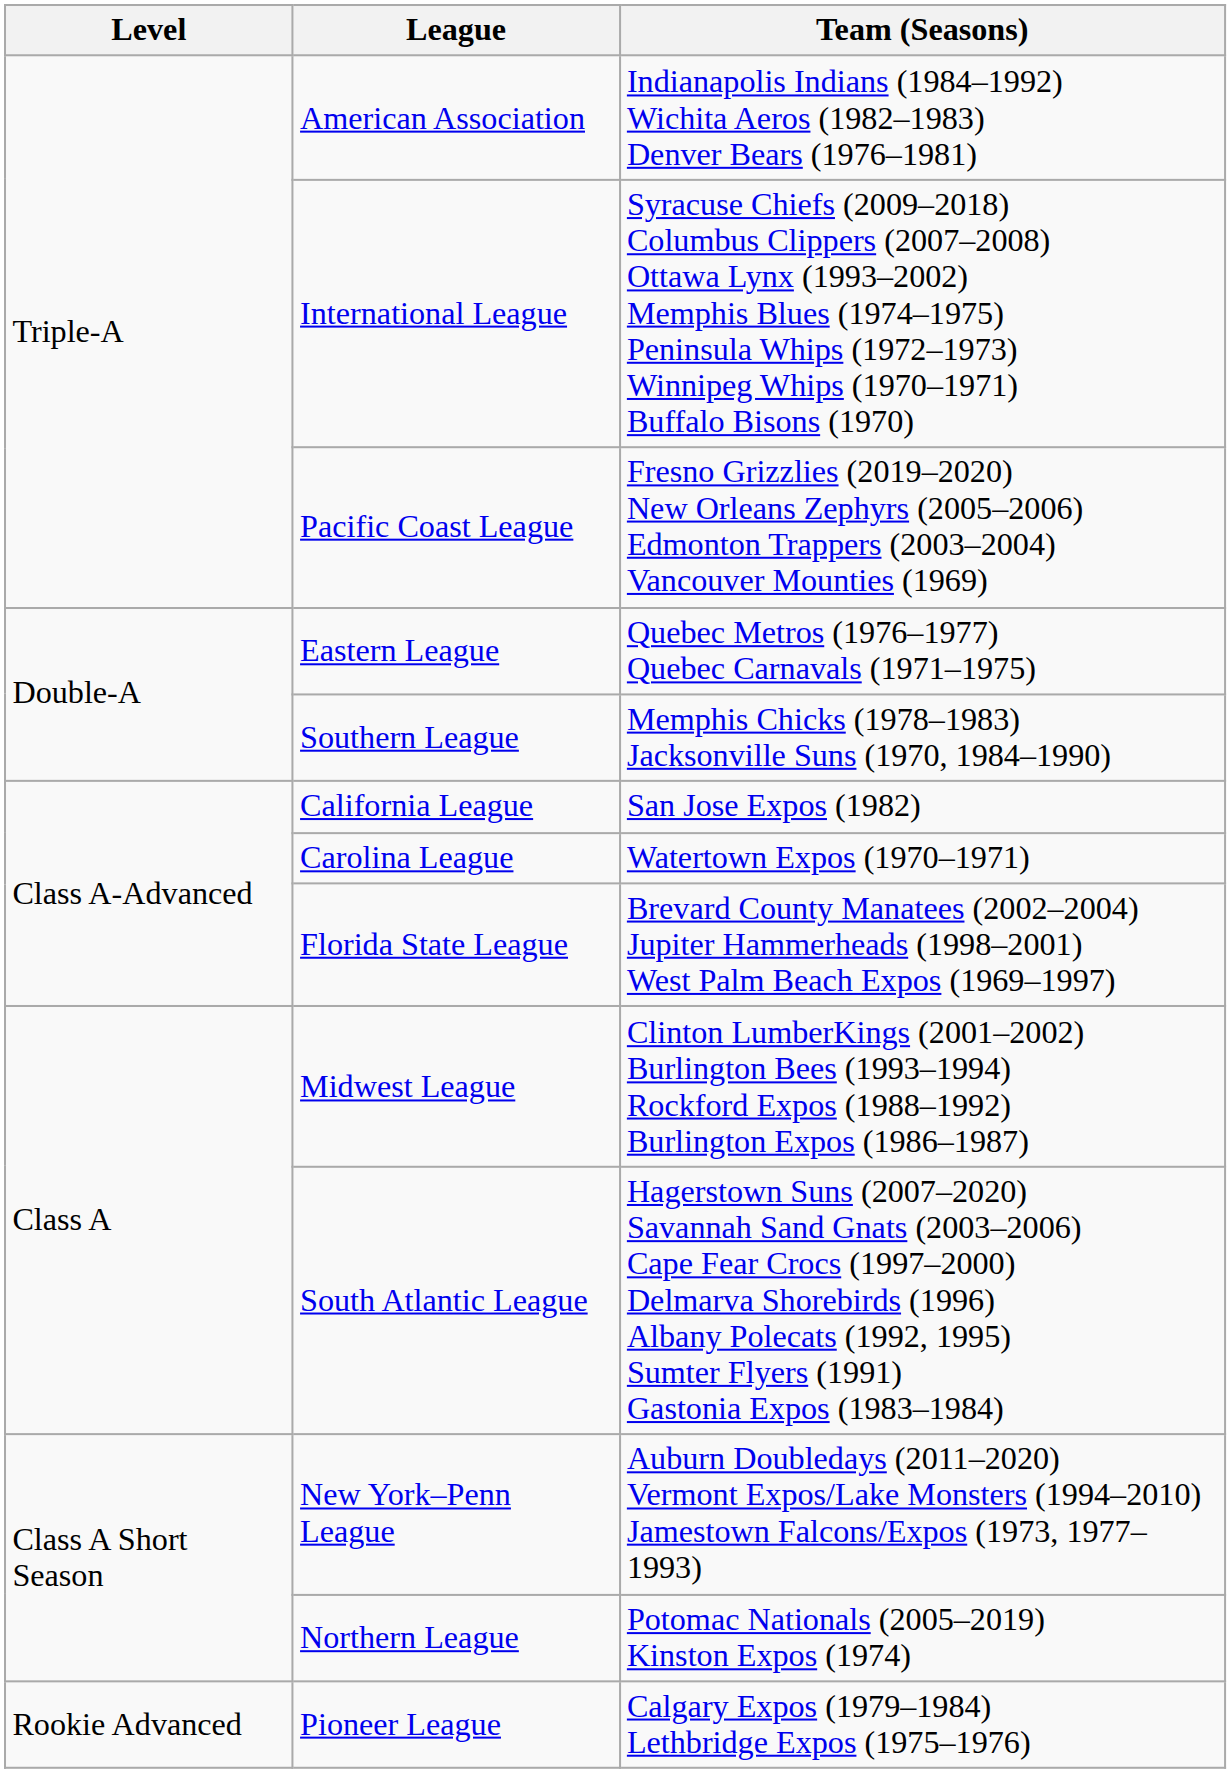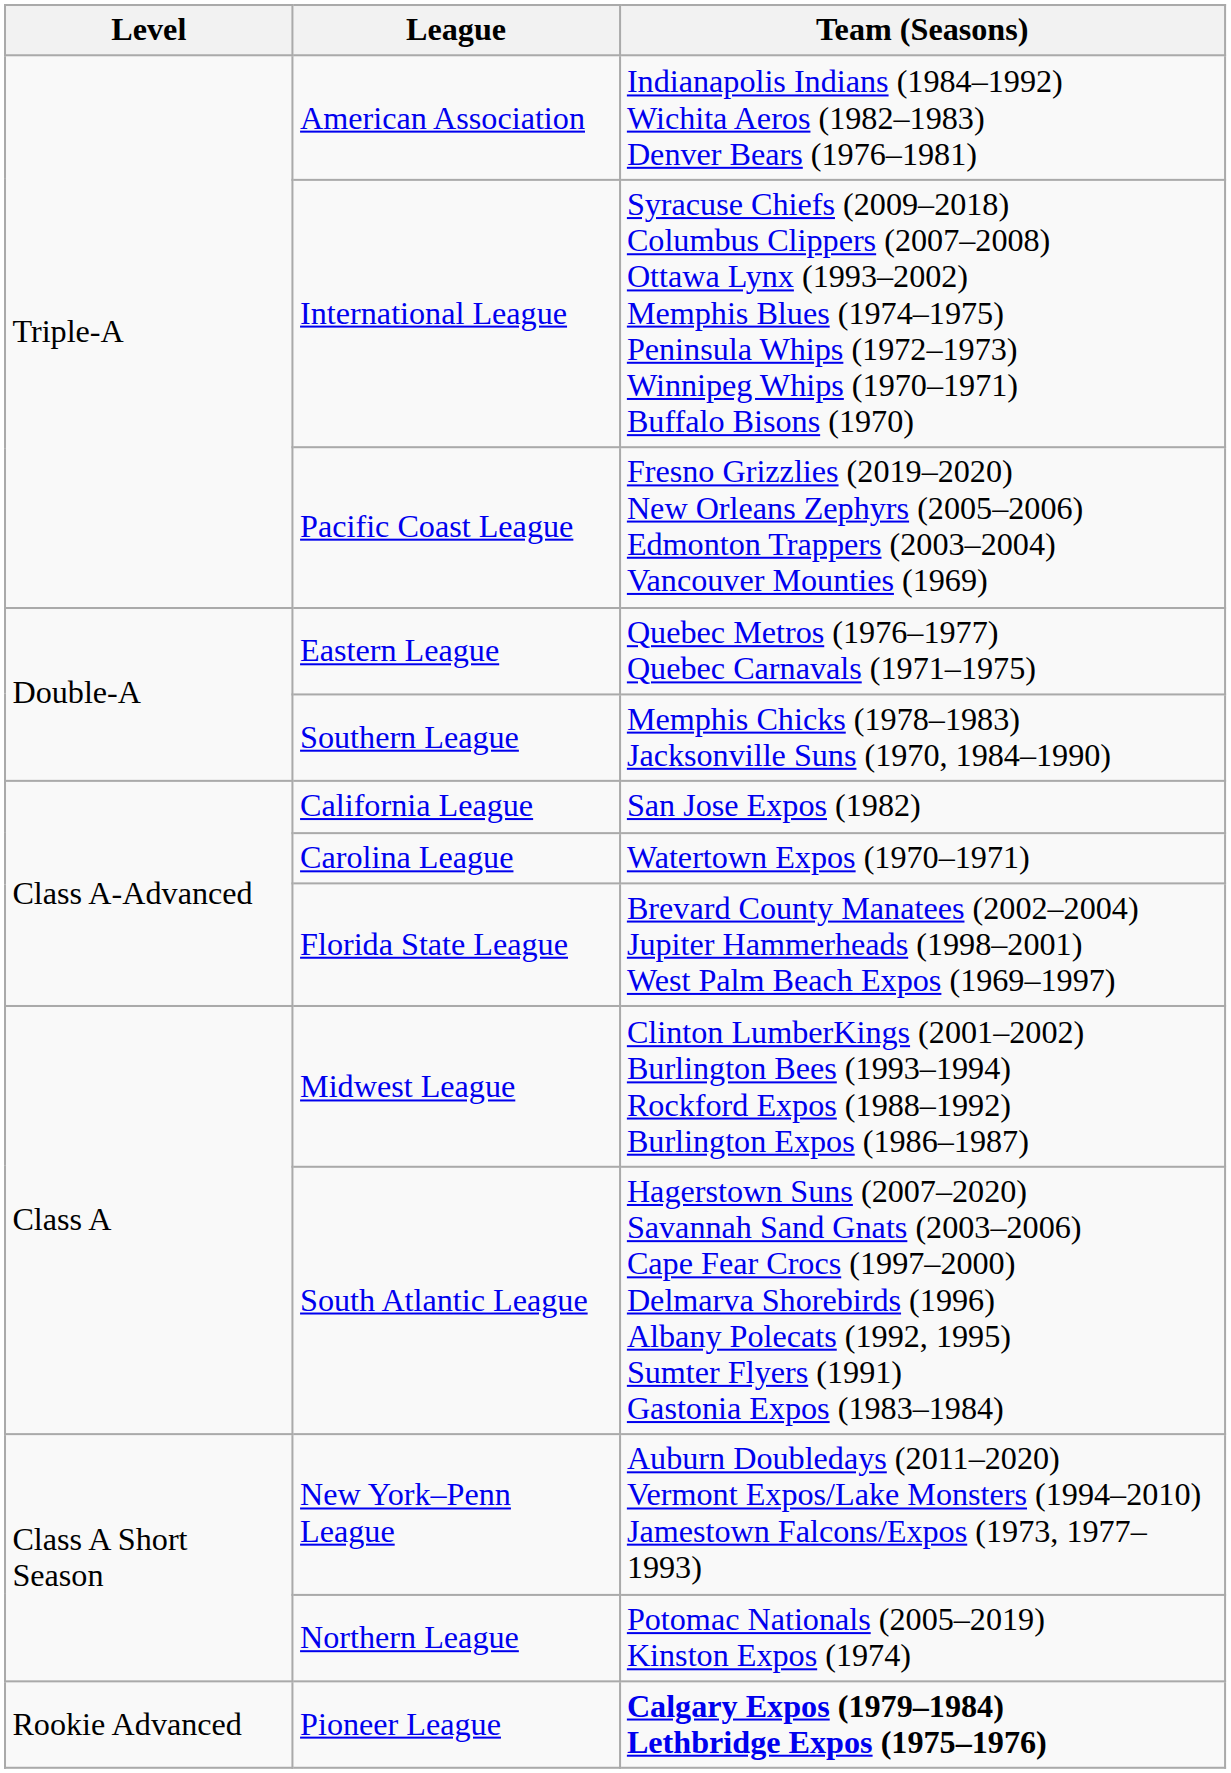 <table class="wikitable">
 <tr>
 <th style="text-align:center; ">Level</th>
 <th style="text-align:center; ">League</th>
 <th style="text-align:center; ">Team (Seasons)</th>
 </tr>
 <tr>
 <td rowspan=3>Triple-A</td>
 <td><a href='#'>American Association</a></td>
 <td><a href='#'>Indianapolis Indians</a> (1984–1992) <br><a href='#'>Wichita Aeros</a> (1982–1983) <br><a href='#'>Denver Bears</a> (1976–1981)</td>
 </tr>
 <tr>
 <td><a href='#'>International League</a></td>
 <td><a href='#'>Syracuse Chiefs</a> (2009–2018) <br><a href='#'>Columbus Clippers</a> (2007–2008) <br><a href='#'>Ottawa Lynx</a> (1993–2002) <br><a href='#'>Memphis Blues</a> (1974–1975) <br><a href='#'>Peninsula Whips</a> (1972–1973) <br><a href='#'>Winnipeg Whips</a> (1970–1971) <br><a href='#'>Buffalo Bisons</a> (1970)</td>
 </tr>
 <tr>
 <td><a href='#'>Pacific Coast League</a></td>
 <td><a href='#'>Fresno Grizzlies</a> (2019–2020) <br><a href='#'>New Orleans Zephyrs</a> (2005–2006) <br><a href='#'>Edmonton Trappers</a> (2003–2004) <br><a href='#'>Vancouver Mounties</a> (1969)</td>
 </tr>
 <tr>
 <td rowspan=2>Double-A</td>
 <td><a href='#'>Eastern League</a></td>
 <td><a href='#'>Quebec Metros</a> (1976–1977) <br><a href='#'>Quebec Carnavals</a> (1971–1975)</td>
 </tr>
 <tr>
 <td><a href='#'>Southern League</a></td>
 <td><a href='#'>Memphis Chicks</a> (1978–1983) <br><a href='#'>Jacksonville Suns</a> (1970, 1984–1990)</td>
 </tr>
 <tr>
 <td rowspan=3>Class A-Advanced</td>
 <td><a href='#'>California League</a></td>
 <td><a href='#'>San Jose Expos</a> (1982)</td>
 </tr>
 <tr>
 <td><a href='#'>Carolina League</a></td>
 <td><a href='#'>Watertown Expos</a> (1970–1971)</td>
 </tr>
 <tr>
 <td><a href='#'>Florida State League</a></td>
 <td><a href='#'>Brevard County Manatees</a> (2002–2004) <br><a href='#'>Jupiter Hammerheads</a> (1998–2001) <br><a href='#'>West Palm Beach Expos</a> (1969–1997)</td>
 </tr>
 <tr>
 <td rowspan=2>Class A</td>
 <td><a href='#'>Midwest League</a></td>
 <td><a href='#'>Clinton LumberKings</a> (2001–2002) <br><a href='#'>Burlington Bees</a> (1993–1994) <br><a href='#'>Rockford Expos</a> (1988–1992) <br><a href='#'>Burlington Expos</a> (1986–1987)</td>
 </tr>
 <tr>
 <td><a href='#'>South Atlantic League</a></td>
 <td><a href='#'>Hagerstown Suns</a> (2007–2020)<br><a href='#'>Savannah Sand Gnats</a> (2003–2006) <br><a href='#'>Cape Fear Crocs</a> (1997–2000) <br><a href='#'>Delmarva Shorebirds</a> (1996) <br><a href='#'>Albany Polecats</a> (1992, 1995) <br><a href='#'>Sumter Flyers</a> (1991) <br><a href='#'>Gastonia Expos</a> (1983–1984)</td>
 </tr>
 <tr>
 <td rowspan=2>Class A Short Season</td>
 <td><a href='#'>New York–Penn League</a></td>
 <td><a href='#'>Auburn Doubledays</a> (2011–2020)<br><a href='#'>Vermont Expos/Lake Monsters</a> (1994–2010)<br><a href='#'>Jamestown Falcons/Expos</a> (1973, 1977–1993)</td>
 </tr>
 <tr>
 <td><a href='#'>Northern League</a></td>
 <td><a href='#'>Potomac Nationals</a> (2005–2019) <br><a href='#'>Kinston Expos</a> (1974)</td>
 </tr>
 <tr>
 <td rowspan=2>Rookie Advanced</td>
 <td rowspan=2><a href='#'>Pioneer League</a></td>
-<td><a href='#'>Calgary Expos</a> (1979–1984)<br><a href='#'>Lethbridge Expos</a> (1975–1976)</td>
+<td><strong><a href='#'>Calgary Expos</a> (1979–1984)<br><a href='#'>Lethbridge Expos</a> (1975–1976)</strong></td>
 </tr>
 </table>
